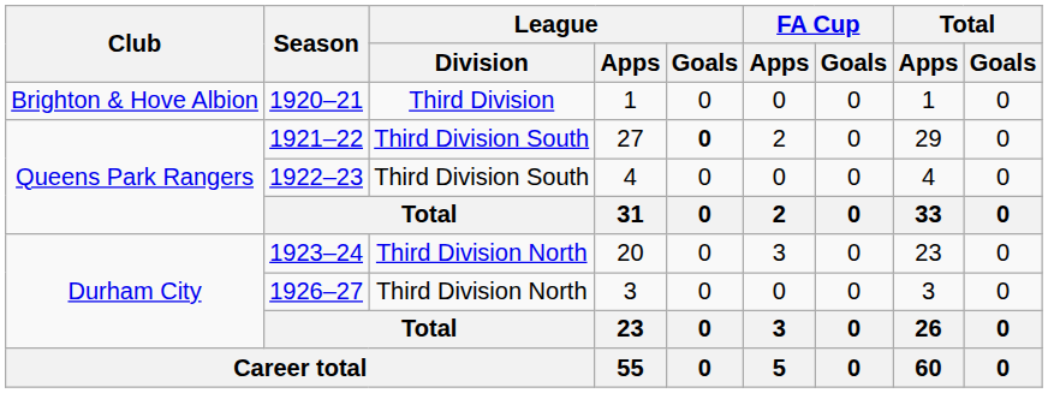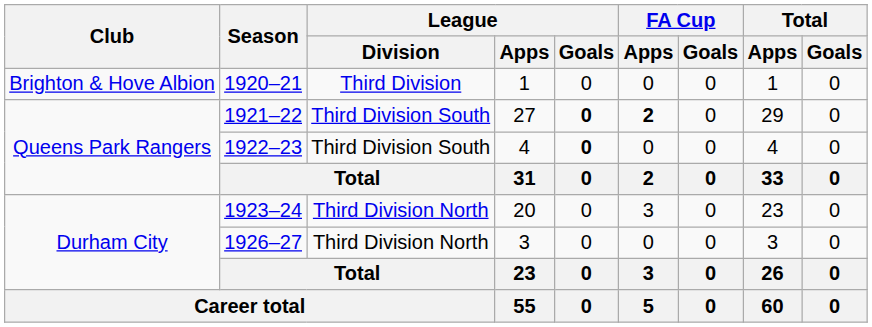 <table class=wikitable style=text-align:center>
 <tr>
 <th rowspan=2>Club</th>
 <th rowspan=2>Season</th>
 <th colspan=3>League</th>
 <th colspan=2><a href='#'>FA Cup</a></th>
 <th colspan=2>Total</th>
 </tr>
 <tr>
 <th>Division</th>
 <th>Apps</th>
 <th>Goals</th>
 <th>Apps</th>
 <th>Goals</th>
 <th>Apps</th>
 <th>Goals</th>
 </tr>
 <tr>
 <td><a href='#'>Brighton & Hove Albion</a></td>
 <td><a href='#'>1920–21</a></td>
 <td><a href='#'>Third Division</a></td>
 <td>1</td>
 <td>0</td>
 <td>0</td>
 <td>0</td>
 <td>1</td>
 <td>0</td>
 </tr>
 <tr>
 <td rowspan=3><a href='#'>Queens Park Rangers</a></td>
 <td><a href='#'>1921–22</a></td>
 <td><a href='#'>Third Division South</a></td>
 <td>27</td>
 <td><strong>0</strong></td>
-<td>2</td>
+<td><strong>2</strong></td>
 <td>0</td>
 <td>29</td>
 <td>0</td>
 </tr>
 <tr>
 <td><a href='#'>1922–23</a></td>
 <td>Third Division South</td>
 <td>4</td>
-<td>0</td>
+<td><strong>0</strong></td>
 <td>0</td>
 <td>0</td>
 <td>4</td>
 <td>0</td>
 </tr>
 <tr>
 <th colspan=2>Total</th>
 <th>31</th>
 <th>0</th>
 <th>2</th>
 <th>0</th>
 <th>33</th>
 <th>0</th>
 </tr>
 <tr>
 <td rowspan=3><a href='#'>Durham City</a></td>
 <td><a href='#'>1923–24</a></td>
 <td><a href='#'>Third Division North</a></td>
 <td>20</td>
 <td>0</td>
 <td>3</td>
 <td>0</td>
 <td>23</td>
 <td>0</td>
 </tr>
 <tr>
 <td><a href='#'>1926–27</a></td>
 <td>Third Division North</td>
 <td>3</td>
 <td>0</td>
 <td>0</td>
 <td>0</td>
 <td>3</td>
 <td>0</td>
 </tr>
 <tr>
 <th colspan=2>Total</th>
 <th>23</th>
 <th>0</th>
 <th>3</th>
 <th>0</th>
 <th>26</th>
 <th>0</th>
 </tr>
 <tr>
 <th colspan=3>Career total</th>
 <th>55</th>
 <th>0</th>
 <th>5</th>
 <th>0</th>
 <th>60</th>
 <th>0</th>
 </tr>
 </table>
